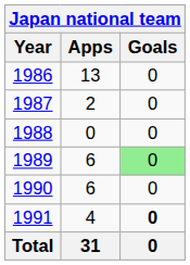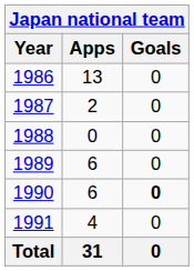 <table class="wikitable" style="text-align:center">
 <tr>
 <th colspan=3><a href='#'>Japan national team</a></th>
 </tr>
 <tr>
 <th>Year</th>
 <th>Apps</th>
 <th>Goals</th>
 </tr>
 <tr>
 <td><a href='#'>1986</a></td>
 <td>13</td>
 <td>0</td>
 </tr>
 <tr>
 <td><a href='#'>1987</a></td>
 <td>2</td>
 <td>0</td>
 </tr>
 <tr>
 <td><a href='#'>1988</a></td>
 <td>0</td>
 <td>0</td>
 </tr>
 <tr>
 <td><a href='#'>1989</a></td>
 <td>6</td>
-<td style="background: lightgreen;">0</td>
+<td>0</td>
 </tr>
 <tr>
 <td><a href='#'>1990</a></td>
 <td>6</td>
-<td>0</td>
+<td><strong>0</strong></td>
 </tr>
 <tr>
 <td><a href='#'>1991</a></td>
 <td>4</td>
-<td><strong>0</strong></td>
+<td>0</td>
 </tr>
 <tr>
 <th>Total</th>
 <th>31</th>
 <th>0</th>
 </tr>
 </table>
